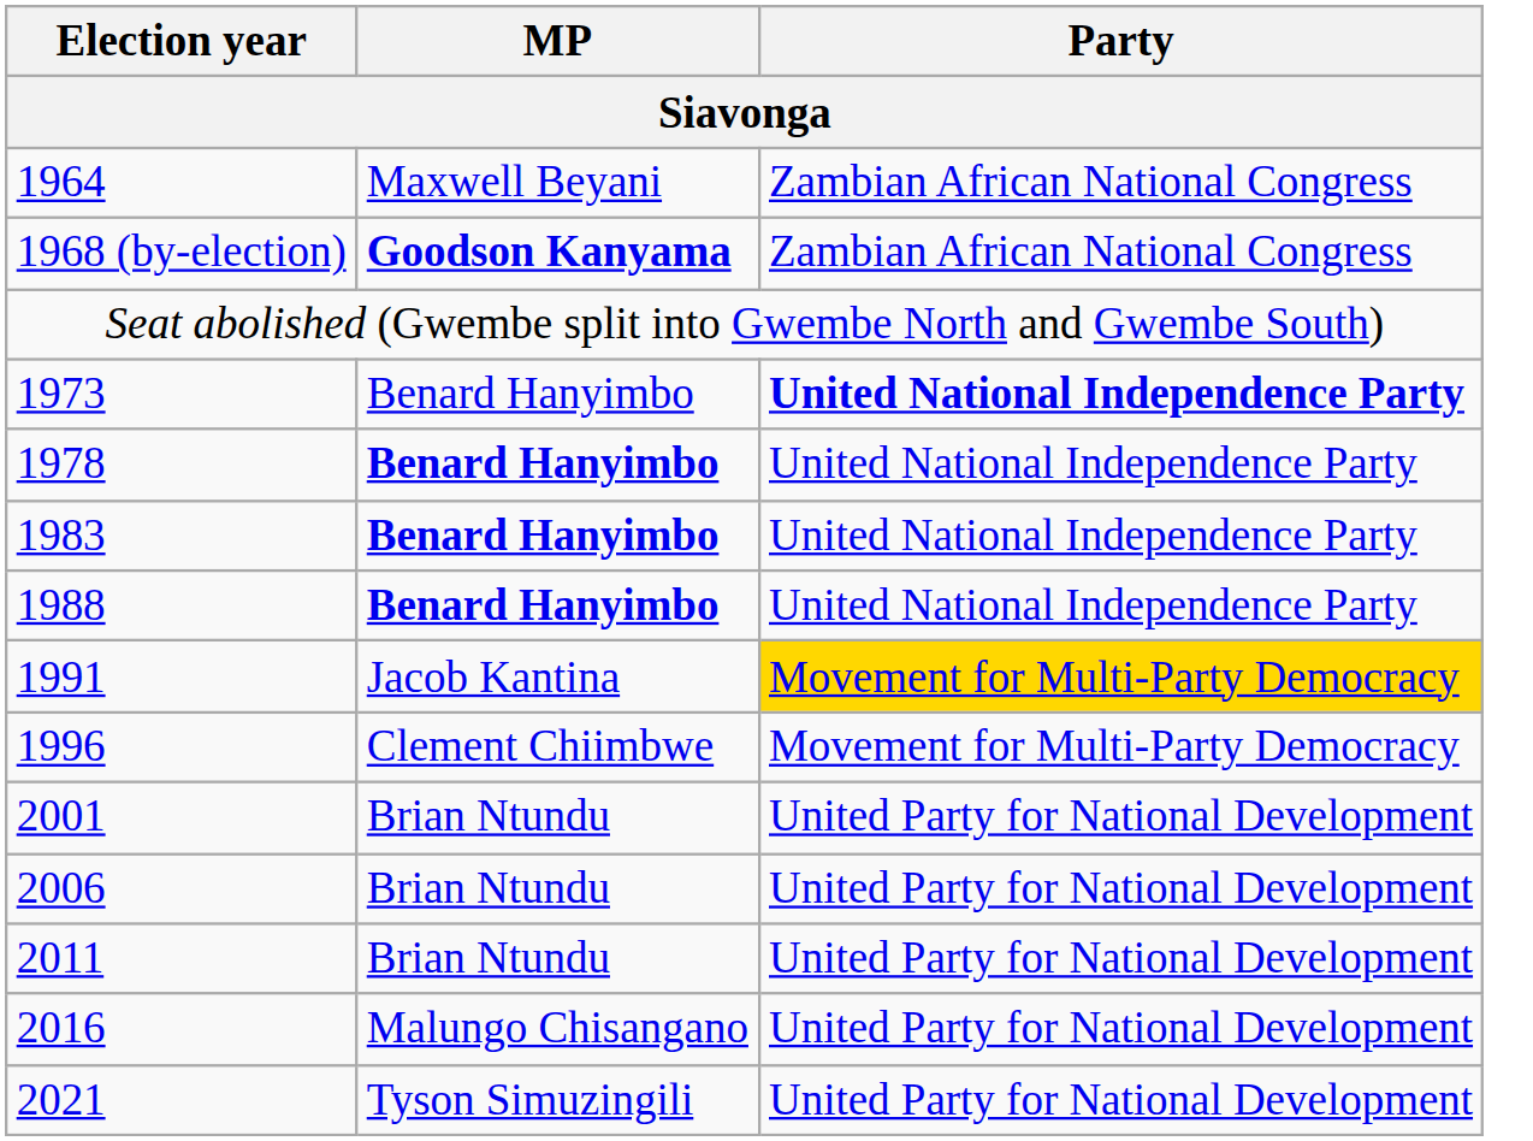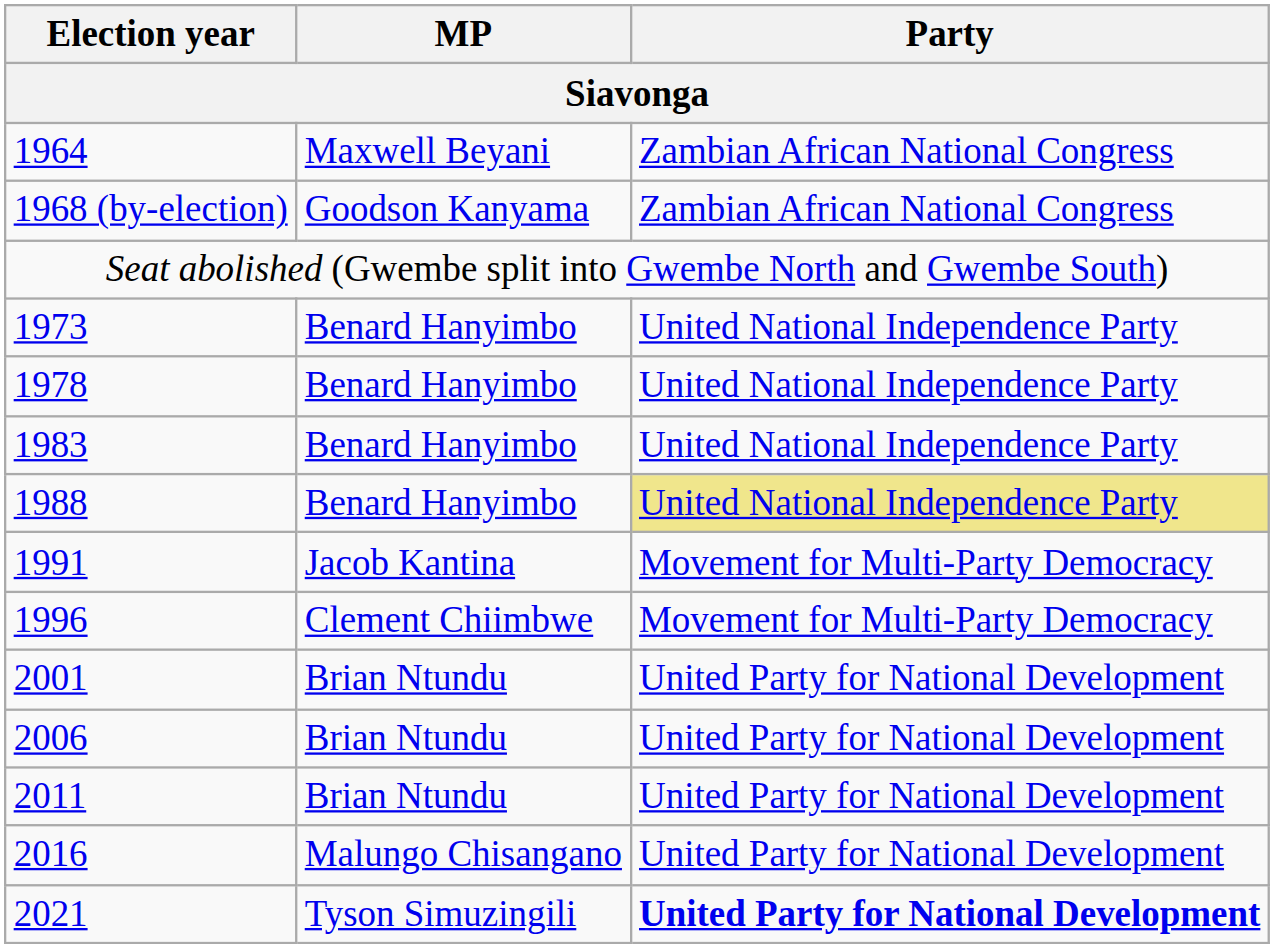 <table class="wikitable">
 <tr>
 <th>Election year</th>
 <th>MP</th>
 <th>Party</th>
 </tr>
 <tr>
 <th colspan="3">Siavonga</th>
 </tr>
 <tr>
 <td><a href='#'>1964</a></td>
 <td><a href='#'>Maxwell Beyani</a></td>
 <td><a href='#'>Zambian African National Congress</a></td>
 </tr>
 <tr>
 <td><a href='#'>1968 (by-election)</a></td>
-<td><strong><a href='#'>Goodson Kanyama</a></strong></td>
+<td><a href='#'>Goodson Kanyama</a></td>
 <td><a href='#'>Zambian African National Congress</a></td>
 </tr>
 <tr>
 <td colspan=3 align=center><em>Seat abolished</em> (Gwembe split into <a href='#'>Gwembe North</a> and <a href='#'>Gwembe South</a>)</td>
 </tr>
 <tr>
 <td><a href='#'>1973</a></td>
 <td><a href='#'>Benard Hanyimbo</a></td>
-<td><strong><a href='#'>United National Independence Party</a></strong></td>
+<td><a href='#'>United National Independence Party</a></td>
 </tr>
 <tr>
 <td><a href='#'>1978</a></td>
-<td><strong><a href='#'>Benard Hanyimbo</a></strong></td>
+<td><a href='#'>Benard Hanyimbo</a></td>
 <td><a href='#'>United National Independence Party</a></td>
 </tr>
 <tr>
 <td><a href='#'>1983</a></td>
-<td><strong><a href='#'>Benard Hanyimbo</a></strong></td>
+<td><a href='#'>Benard Hanyimbo</a></td>
 <td><a href='#'>United National Independence Party</a></td>
 </tr>
 <tr>
 <td><a href='#'>1988</a></td>
-<td><strong><a href='#'>Benard Hanyimbo</a></strong></td>
-<td><a href='#'>United National Independence Party</a></td>
+<td><a href='#'>Benard Hanyimbo</a></td>
+<td style="background: khaki;"><a href='#'>United National Independence Party</a></td>
 </tr>
 <tr>
 <td><a href='#'>1991</a></td>
 <td><a href='#'>Jacob Kantina</a></td>
-<td style="background: gold;"><a href='#'>Movement for Multi-Party Democracy</a></td>
+<td><a href='#'>Movement for Multi-Party Democracy</a></td>
 </tr>
 <tr>
 <td><a href='#'>1996</a></td>
 <td><a href='#'>Clement Chiimbwe</a></td>
 <td><a href='#'>Movement for Multi-Party Democracy</a></td>
 </tr>
 <tr>
 <td><a href='#'>2001</a></td>
 <td><a href='#'>Brian Ntundu</a></td>
 <td><a href='#'>United Party for National Development</a></td>
 </tr>
 <tr>
 <td><a href='#'>2006</a></td>
 <td><a href='#'>Brian Ntundu</a></td>
 <td><a href='#'>United Party for National Development</a></td>
 </tr>
 <tr>
 <td><a href='#'>2011</a></td>
 <td><a href='#'>Brian Ntundu</a></td>
 <td><a href='#'>United Party for National Development</a></td>
 </tr>
 <tr>
 <td><a href='#'>2016</a></td>
 <td><a href='#'>Malungo Chisangano</a></td>
 <td><a href='#'>United Party for National Development</a></td>
 </tr>
 <tr>
 <td><a href='#'>2021</a></td>
 <td><a href='#'>Tyson Simuzingili</a></td>
-<td><a href='#'>United Party for National Development</a></td>
+<td><strong><a href='#'>United Party for National Development</a></strong></td>
 </tr>
 </table>
